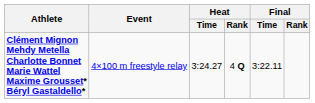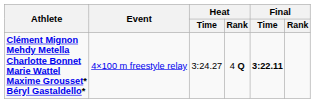 <table class="wikitable" style="text-align:center; font-size:90%">
 <tr>
 <th rowspan=2>Athlete</th>
 <th rowspan=2>Event</th>
 <th colspan=2>Heat</th>
 <th colspan=2>Final</th>
 </tr>
 <tr style="font-size:95%">
 <th>Time</th>
 <th>Rank</th>
 <th>Time</th>
 <th>Rank</th>
 </tr>
 <tr>
 <td align=left><strong><a href='#'>Clément Mignon</a><br><a href='#'>Mehdy Metella</a><br><a href='#'>Charlotte Bonnet</a><br><a href='#'>Marie Wattel</a><br><a href='#'>Maxime Grousset</a>*<br><a href='#'>Béryl Gastaldello</a>*</strong></td>
 <td align=left><a href='#'>4×100 m freestyle relay</a></td>
 <td>3:24.27</td>
 <td>4 <strong>Q</strong></td>
-<td>3:22.11</td>
+<td><strong>3:22.11</strong></td>
 <td></td>
 </tr>
 </table>
